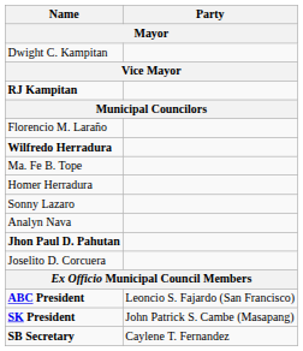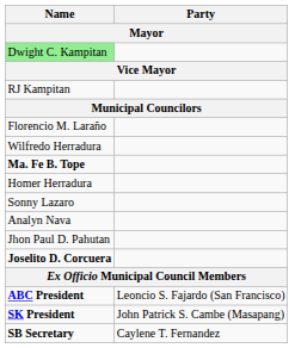 <table class=wikitable>
 <tr>
 <th>Name</th>
 <th colspan=2>Party</th>
 </tr>
 <tr>
 <th colspan=3>Mayor</th>
 </tr>
 <tr>
-<td>Dwight C. Kampitan</td>
+<td style="background: lightgreen;">Dwight C. Kampitan</td>
 <td></td>
 </tr>
 <tr>
 <th colspan=3>Vice Mayor</th>
 </tr>
 <tr>
-<td><strong>RJ Kampitan</strong></td>
+<td>RJ Kampitan</td>
 <td></td>
 </tr>
 <tr>
 <th colspan=3>Municipal Councilors</th>
 </tr>
 <tr>
 <td>Florencio M. Laraño</td>
 <td></td>
 </tr>
 <tr>
-<td><strong>Wilfredo Herradura</strong></td>
+<td>Wilfredo Herradura</td>
 <td></td>
 </tr>
 <tr>
-<td>Ma. Fe B. Tope</td>
+<td><strong>Ma. Fe B. Tope</strong></td>
 <td></td>
 </tr>
 <tr>
 <td>Homer Herradura</td>
 <td></td>
 </tr>
 <tr>
 <td>Sonny Lazaro</td>
 <td></td>
 </tr>
 <tr>
 <td>Analyn Nava</td>
 <td></td>
 </tr>
 <tr>
-<td><strong>Jhon Paul D. Pahutan</strong></td>
+<td>Jhon Paul D. Pahutan</td>
 <td></td>
 </tr>
 <tr>
-<td>Joselito D. Corcuera</td>
+<td><strong>Joselito D. Corcuera</strong></td>
 <td></td>
 </tr>
 <tr>
 <th colspan=4><em>Ex Officio</em> Municipal Council Members</th>
 </tr>
 <tr>
 <td><strong><a href='#'>ABC</a> President</strong></td>
 <td colspan=3>Leoncio S. Fajardo (San Francisco)<br></td>
 </tr>
 <tr>
 <td><strong><a href='#'>SK</a> President</strong></td>
 <td colspan=3>John Patrick S. Cambe (Masapang)<br></td>
 </tr>
 <tr>
 <td><strong>SB Secretary</strong></td>
 <td colspan=3>Caylene T. Fernandez<br></td>
 </tr>
 </table>
